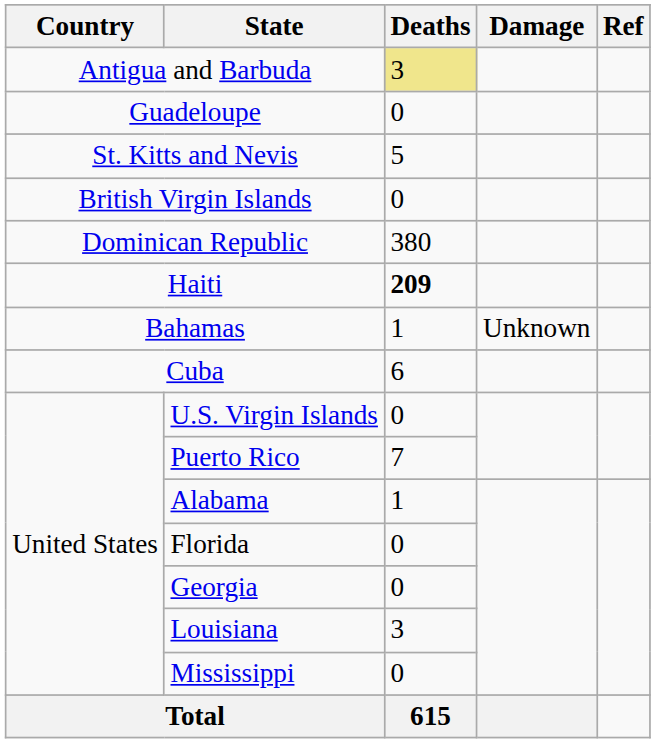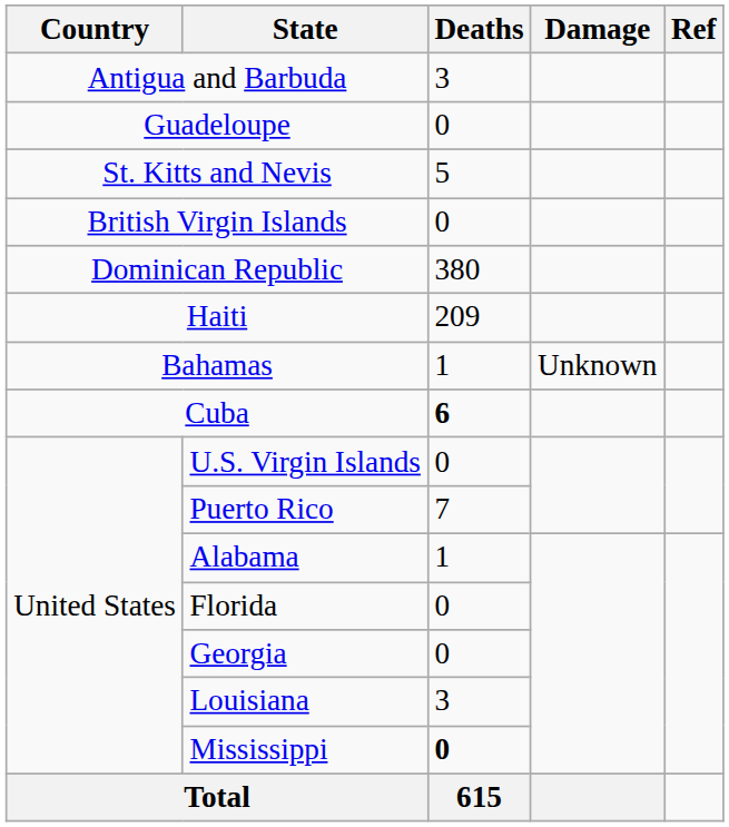 <table class="wikitable" style="float:right; margin:0 0 0.5em 1em;">
 <tr>
 <th>Country</th>
 <th>State</th>
 <th>Deaths</th>
 <th>Damage</th>
 <th>Ref</th>
 </tr>
 <tr>
 <td colspan=2 style="text-align:center;"><a href='#'>Antigua</a> and <a href='#'>Barbuda</a></td>
-<td style="background: khaki;">3</td>
+<td>3</td>
 <td></td>
 <td></td>
 </tr>
 <tr>
 <td colspan=2 style="text-align:center;"><a href='#'>Guadeloupe</a></td>
 <td>0</td>
 <td></td>
 <td></td>
 </tr>
 <tr>
 <td colspan=2 style="text-align:center;"><a href='#'>St. Kitts and Nevis</a></td>
 <td>5</td>
 <td></td>
 <td></td>
 </tr>
 <tr>
 <td colspan=2 style="text-align:center;"><a href='#'>British Virgin Islands</a></td>
 <td>0</td>
 <td></td>
 <td></td>
 </tr>
 <tr>
 <td colspan=2 style="text-align:center;"><a href='#'>Dominican Republic</a></td>
 <td>380</td>
 <td></td>
 <td></td>
 </tr>
 <tr>
 <td colspan=2 style="text-align:center;"><a href='#'>Haiti</a></td>
-<td><strong>209</strong></td>
+<td>209</td>
 <td></td>
 <td></td>
 </tr>
 <tr>
 <td colspan=2 style="text-align:center;"><a href='#'>Bahamas</a></td>
 <td>1</td>
 <td>Unknown</td>
 </tr>
 <tr>
 <td colspan=2 style="text-align:center;"><a href='#'>Cuba</a></td>
-<td>6</td>
+<td><strong>6</strong></td>
 <td></td>
 <td></td>
 </tr>
 <tr>
 <td rowspan=7>United States</td>
 <td><a href='#'>U.S. Virgin Islands</a></td>
 <td>0</td>
 <td rowspan=2></td>
 <td rowspan=2><br></td>
 </tr>
 <tr>
 <td><a href='#'>Puerto Rico</a></td>
 <td>7</td>
 </tr>
 <tr>
 <td><a href='#'>Alabama</a></td>
 <td>1</td>
 <td rowspan=5></td>
 <td rowspan=5></td>
 </tr>
 <tr>
 <td>Florida</td>
 <td>0</td>
 </tr>
 <tr>
 <td><a href='#'>Georgia</a></td>
 <td>0</td>
 </tr>
 <tr>
 <td><a href='#'>Louisiana</a></td>
 <td>3</td>
 </tr>
 <tr>
 <td><a href='#'>Mississippi</a></td>
-<td>0</td>
+<td><strong>0</strong></td>
 </tr>
 <tr>
 <th colspan=2>Total</th>
 <th>615</th>
 <th></th>
 </tr>
 </table>
